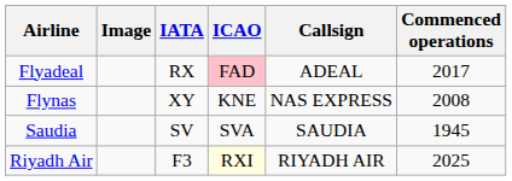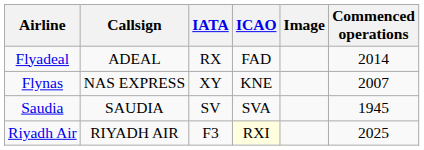 <table class="wikitable sortable" style="text-align:center;">
 <tr valign="middle">
 <th>Airline</th>
-<th>Image</th>
+<th>Callsign</th>
 <th><a href='#'>IATA</a></th>
 <th><a href='#'>ICAO</a></th>
-<th>Callsign</th>
+<th>Image</th>
 <th>Commenced<br>operations</th>
 </tr>
 <tr>
 <td><a href='#'>Flyadeal</a></td>
+<td>ADEAL</td>
+<td>RX</td>
+<td>FAD</td>
 <td></td>
-<td>RX</td>
-<td style="background: pink;">FAD</td>
-<td>ADEAL</td>
-<td>2017</td>
+<td>2014</td>
 </tr>
 <tr>
 <td><a href='#'>Flynas</a></td>
-<td></td>
+<td>NAS EXPRESS</td>
 <td>XY</td>
 <td>KNE</td>
-<td>NAS EXPRESS</td>
-<td>2008</td>
+<td></td>
+<td>2007</td>
 </tr>
 <tr>
 <td><a href='#'>Saudia</a></td>
-<td></td>
+<td>SAUDIA</td>
 <td>SV</td>
 <td>SVA</td>
-<td>SAUDIA</td>
+<td></td>
 <td>1945</td>
 </tr>
 <tr>
 <td><a href='#'>Riyadh Air</a></td>
-<td></td>
+<td>RIYADH AIR</td>
 <td>F3</td>
 <td style="background: lightyellow;">RXI</td>
-<td>RIYADH AIR</td>
+<td></td>
 <td>2025</td>
 </tr>
 </table>
